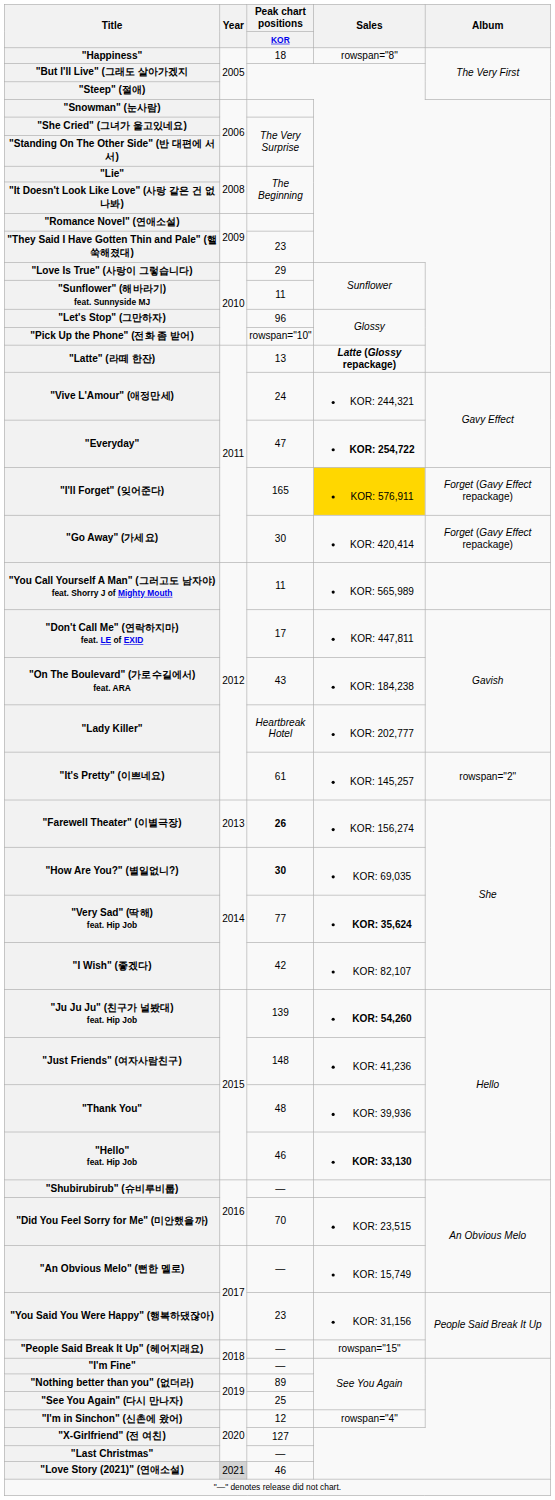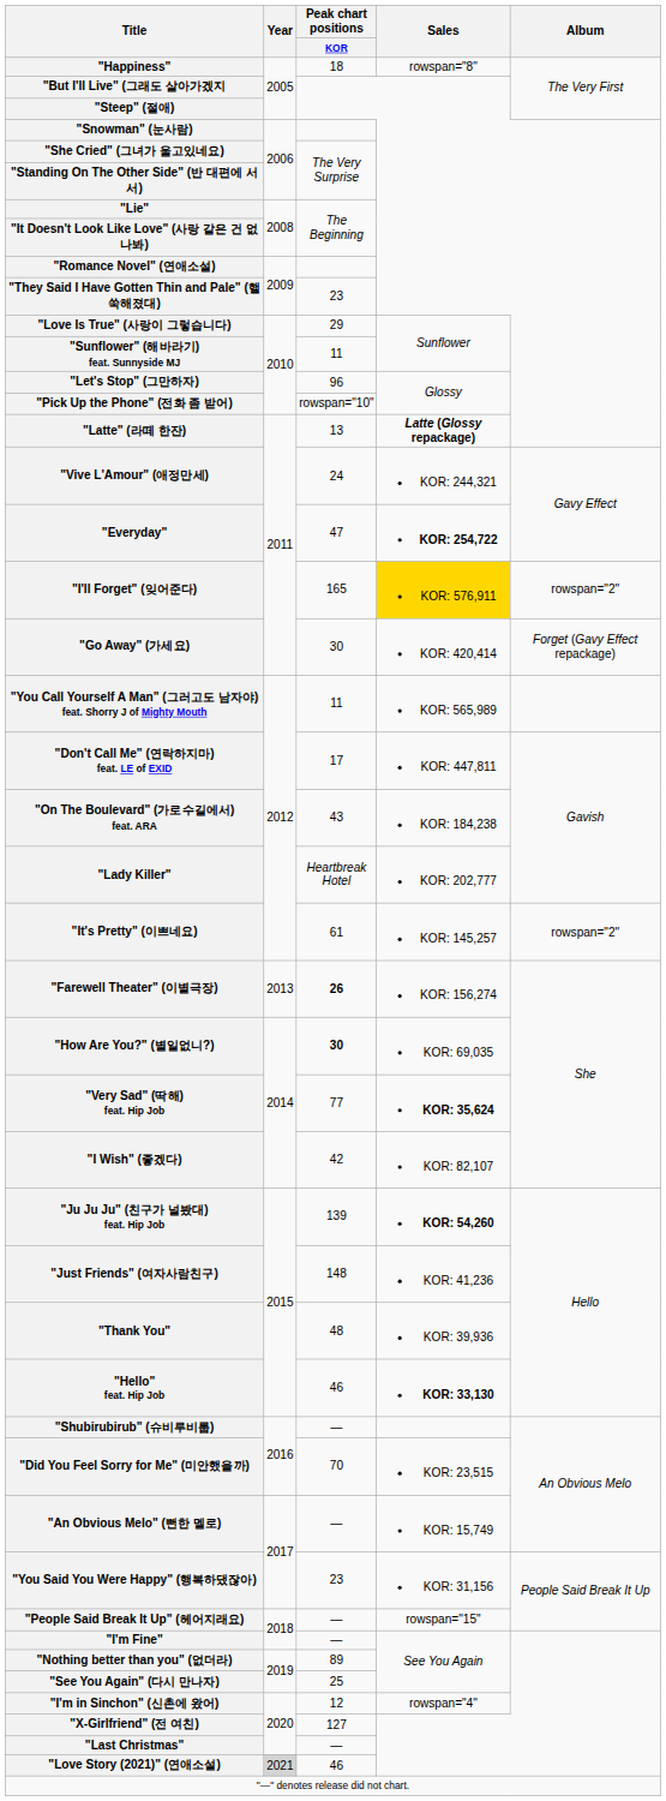 <table class="wikitable plainrowheaders" style="text-align:center;">
 <tr>
 <th scope="col" rowspan="2">Title</th>
 <th scope="col" rowspan="2">Year</th>
 <th scope="col" colspan="1" style="width:5em;">Peak chart positions</th>
 <th scope="col" rowspan="2">Sales</th>
 <th scope="col" rowspan="2">Album</th>
 </tr>
 <tr>
 <th><small><a href='#'>KOR</a></small><br></th>
 </tr>
 <tr>
 <th scope="row">"Happiness"</th>
 <td rowspan="3">2005</td>
 <td>18</td>
 <td>rowspan="8" </td>
 <td rowspan="3"><em>The Very First</em></td>
 </tr>
 <tr>
 <th scope="row">"But I'll Live" (그래도 살아가겠지</th>
 </tr>
 <tr>
 <th scope="row">"Steep" (절애)</th>
 </tr>
 <tr>
 <th scope="row">"Snowman" (눈사람)</th>
 <td rowspan="3">2006</td>
 <td></td>
 </tr>
 <tr>
 <th scope="row">"She Cried" (그녀가 울고있네요)</th>
 <td rowspan="2"><em>The Very Surprise</em></td>
 </tr>
 <tr>
 <th scope="row">"Standing On The Other Side" (반 대편에 서서)</th>
 </tr>
 <tr>
 <th scope="row">"Lie"</th>
 <td rowspan="2">2008</td>
 <td rowspan="2"><em>The Beginning</em></td>
 </tr>
 <tr>
 <th scope="row">"It Doesn't Look Like Love" (사랑 같은 건 없나봐)</th>
 </tr>
 <tr>
 <th scope="row">"Romance Novel" (연애소설)</th>
 <td rowspan="2">2009</td>
 <td></td>
 </tr>
 <tr>
 <th scope="row">"They Said I Have Gotten Thin and Pale" (핼쑥해졌대)</th>
 <td>23</td>
 </tr>
 <tr>
 <th scope="row">"Love Is True" (사랑이 그렇습니다)</th>
 <td rowspan="4">2010</td>
 <td>29</td>
 <td rowspan="2"><em>Sunflower</em></td>
 </tr>
 <tr>
 <th scope="row">"Sunflower" (해바라기) <br> <small>feat. Sunnyside MJ</small></th>
 <td>11</td>
 </tr>
 <tr>
 <th scope="row">"Let's Stop" (그만하자)</th>
 <td>96</td>
 <td rowspan="2"><em>Glossy</em></td>
 </tr>
 <tr>
 <th scope="row">"Pick Up the Phone" (전화 좀 받어)</th>
 <td>rowspan="10" </td>
 </tr>
 <tr>
 <th scope="row">"Latte" (라떼 한잔)<br></th>
 <td rowspan="5">2011</td>
 <td>13</td>
 <td><strong><em>Latte</em> (<em>Glossy</em> repackage)</strong></td>
 </tr>
 <tr>
 <th scope="row">"Vive L'Amour" (애정만세)</th>
 <td>24</td>
 <td><br><ul><li>KOR: 244,321</li></ul></td>
 <td rowspan="2"><em>Gavy Effect</em></td>
 </tr>
 <tr>
 <th scope="row">"Everyday"</th>
 <td>47</td>
 <td><strong><br><ul><li>KOR: 254,722</li></ul></strong></td>
 </tr>
 <tr>
 <th scope="row">"I'll Forget" (잊어준다)</th>
 <td>165</td>
 <td style="background: gold;"><br><ul><li>KOR: 576,911</li></ul></td>
-<td><em>Forget</em> (<em>Gavy Effect</em> repackage)</td>
+<td>rowspan="2" </td>
 </tr>
 <tr>
 <th scope="row">"Go Away" (가세요)</th>
 <td>30</td>
 <td><br><ul><li>KOR: 420,414</li></ul></td>
 <td><em>Forget</em> (<em>Gavy Effect</em> repackage)</td>
 </tr>
 <tr>
 <th scope="row">"You Call Yourself A Man" (그러고도 남자야) <br> <small>feat. Shorry J of <a href='#'>Mighty Mouth</a></small></th>
 <td rowspan="5">2012</td>
 <td>11</td>
 <td><br><ul><li>KOR: 565,989</li></ul></td>
 </tr>
 <tr>
 <th scope="row">"Don't Call Me" (연락하지마) <br> <small>feat. <a href='#'>LE</a> of <a href='#'>EXID</a></small></th>
 <td>17</td>
 <td><br><ul><li>KOR: 447,811</li></ul></td>
 <td rowspan="3"><em>Gavish</em></td>
 </tr>
 <tr>
 <th scope="row">"On The Boulevard" (가로수길에서) <br> <small>feat. ARA</small></th>
 <td>43</td>
 <td><br><ul><li>KOR: 184,238</li></ul></td>
 </tr>
 <tr>
 <th scope="row">"Lady Killer"</th>
 <td><em>Heartbreak Hotel</em></td>
 <td><br><ul><li>KOR: 202,777</li></ul></td>
 </tr>
 <tr>
 <th scope="row">"It's Pretty" (이쁘네요)</th>
 <td>61</td>
 <td><br><ul><li>KOR: 145,257</li></ul></td>
 <td>rowspan="2" </td>
 </tr>
 <tr>
 <th scope="row">"Farewell Theater" (이별극장)</th>
 <td>2013</td>
 <td><strong>26</strong></td>
 <td><br><ul><li>KOR: 156,274</li></ul></td>
 <td rowspan="4"><em>She</em></td>
 </tr>
 <tr>
 <th scope="row">"How Are You?" (별일없니?)</th>
 <td rowspan="3">2014</td>
 <td><strong>30</strong></td>
 <td><br><ul><li>KOR: 69,035</li></ul></td>
 </tr>
 <tr>
 <th scope="row">"Very Sad" (딱해) <br> <small>feat. Hip Job</small></th>
 <td>77</td>
 <td><strong><br><ul><li>KOR: 35,624</li></ul></strong></td>
 </tr>
 <tr>
 <th scope="row">"I Wish" (좋겠다)</th>
 <td>42</td>
 <td><br><ul><li>KOR: 82,107</li></ul></td>
 </tr>
 <tr>
 <th scope="row">"Ju Ju Ju" (친구가 널봤대) <br> <small>feat. Hip Job</small></th>
 <td rowspan="4">2015</td>
 <td>139</td>
 <td><strong><br><ul><li>KOR: 54,260</li></ul></strong></td>
 <td rowspan="4"><em>Hello</em></td>
 </tr>
 <tr>
 <th scope="row">"Just Friends" (여자사람친구)</th>
 <td>148</td>
 <td><br><ul><li>KOR: 41,236</li></ul></td>
 </tr>
 <tr>
 <th scope="row">"Thank You"</th>
 <td>48</td>
 <td><br><ul><li>KOR: 39,936</li></ul></td>
 </tr>
 <tr>
 <th scope="row">"Hello" <br> <small>feat. Hip Job</small></th>
 <td>46</td>
 <td><strong><br><ul><li>KOR: 33,130</li></ul></strong></td>
 </tr>
 <tr>
 <th scope="row">"Shubirubirub" (슈비루비룹)</th>
 <td rowspan="2">2016</td>
 <td>—</td>
 <td></td>
 <td rowspan="3"><em>An Obvious Melo</em></td>
 </tr>
 <tr>
 <th scope="row">"Did You Feel Sorry for Me" (미안했을까)</th>
 <td>70</td>
 <td><br><ul><li>KOR: 23,515</li></ul></td>
 </tr>
 <tr>
 <th scope="row">"An Obvious Melo" (뻔한 멜로)</th>
 <td rowspan="2">2017</td>
 <td>—</td>
 <td><br><ul><li>KOR: 15,749</li></ul></td>
 </tr>
 <tr>
 <th scope="row">"You Said You Were Happy" (행복하댔잖아)</th>
 <td>23</td>
 <td><br><ul><li>KOR: 31,156</li></ul></td>
 <td rowspan="2"><em>People Said Break It Up</em></td>
 </tr>
 <tr>
 <th scope="row">"People Said Break It Up" (헤어지래요)</th>
 <td rowspan="2">2018</td>
 <td>—</td>
 <td>rowspan="15" </td>
 </tr>
 <tr>
 <th scope="row">"I'm Fine"</th>
 <td>—</td>
 <td rowspan="3"><em>See You Again</em></td>
 </tr>
 <tr>
 <th scope="row">"Nothing better than you" (없더라)</th>
 <td rowspan="2">2019</td>
 <td>89</td>
 </tr>
 <tr>
 <th scope="row">"See You Again" (다시 만나자)</th>
 <td>25</td>
 </tr>
 <tr>
 <th scope="row">"I'm in Sinchon" (신촌에 왔어)</th>
 <td rowspan="3">2020</td>
 <td>12</td>
 <td>rowspan="4" </td>
 </tr>
 <tr>
 <th scope="row">"X-Girlfriend" (전 여친)</th>
 <td>127</td>
 </tr>
 <tr>
 <th scope="row">"Last Christmas"</th>
 <td>—</td>
 </tr>
 <tr>
 <th scope="row">"Love Story (2021)" (연애소설)</th>
 <td style="background: lightgrey;">2021</td>
 <td>46</td>
 </tr>
 <tr>
 <td colspan="5"><small>"—" denotes release did not chart.</small></td>
 </tr>
 </table>
